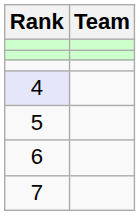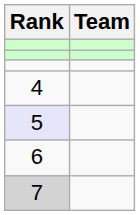 <table class="wikitable">
 <tr>
 <th>Rank</th>
 <th>Team</th>
 </tr>
 <tr bgcolor=#ccffcc>
 <td align=center></td>
 <td></td>
 </tr>
 <tr bgcolor=#ccffcc>
 <td align=center></td>
 <td></td>
 </tr>
 <tr>
 <td align=center></td>
 <td></td>
 </tr>
 <tr>
-<td align=center style="background: lavender;">4</td>
+<td align=center>4</td>
 <td></td>
 </tr>
 <tr>
-<td align=center>5</td>
+<td align=center style="background: lavender;">5</td>
 <td></td>
 </tr>
 <tr>
 <td align=center>6</td>
 <td></td>
 </tr>
 <tr>
-<td align=center>7</td>
+<td align=center style="background: lightgrey;">7</td>
 <td></td>
 </tr>
 </table>
